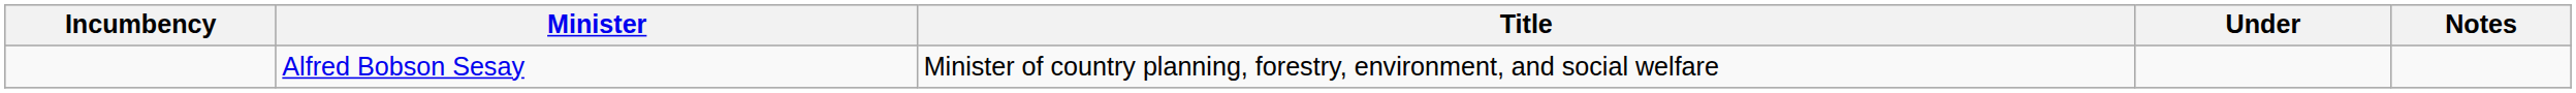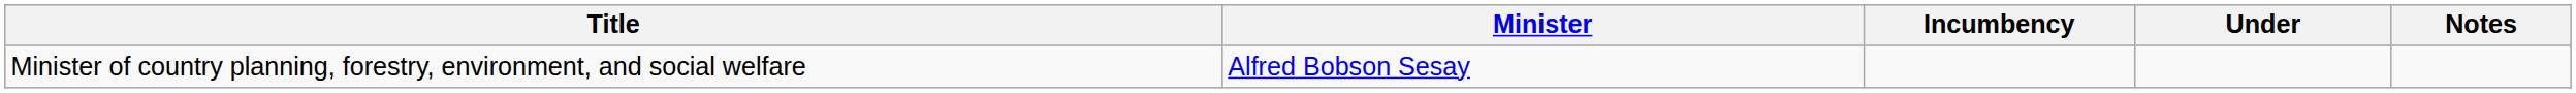 <table class="wikitable" style="width:100%;">
 <tr>
+<th>Title</th>
+<th style="width:25%;"><a href='#'>Minister</a></th>
 <th style="width:160px;">Incumbency</th>
-<th style="width:25%;"><a href='#'>Minister</a></th>
-<th>Title</th>
 <th style="width:10%;">Under</th>
 <th style="width:7%;">Notes</th>
 </tr>
 <tr>
+<td>Minister of country planning, forestry, environment, and social welfare</td>
+<td><a href='#'>Alfred Bobson Sesay</a></td>
 <td></td>
-<td><a href='#'>Alfred Bobson Sesay</a></td>
-<td>Minister of country planning, forestry, environment, and social welfare</td>
 <td></td>
 <td></td>
 </tr>
 </table>
